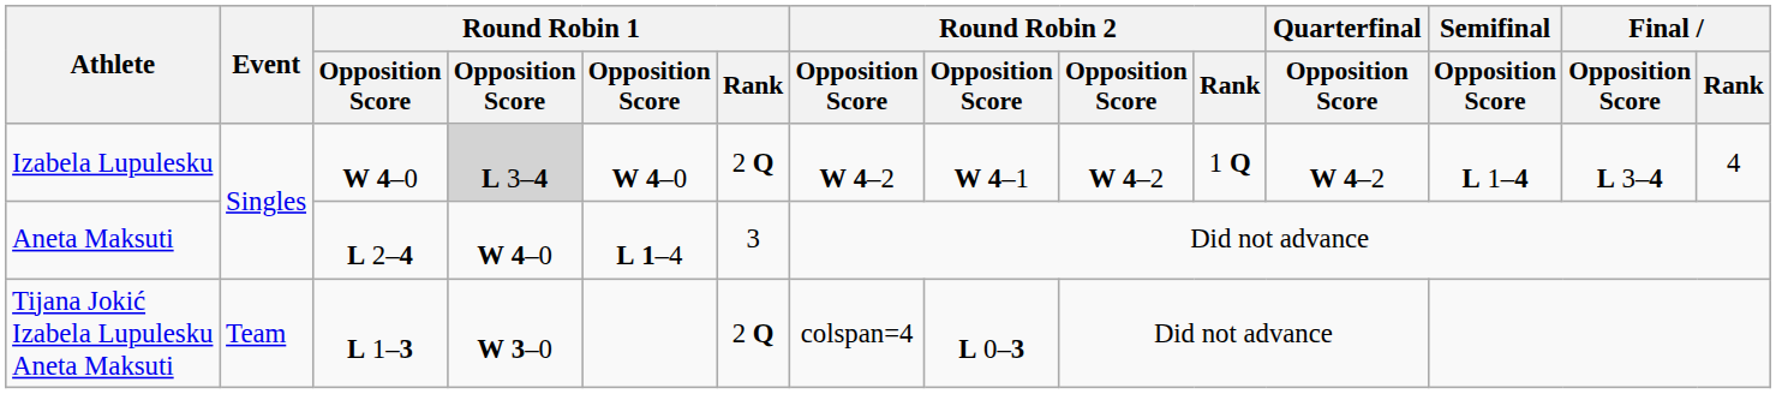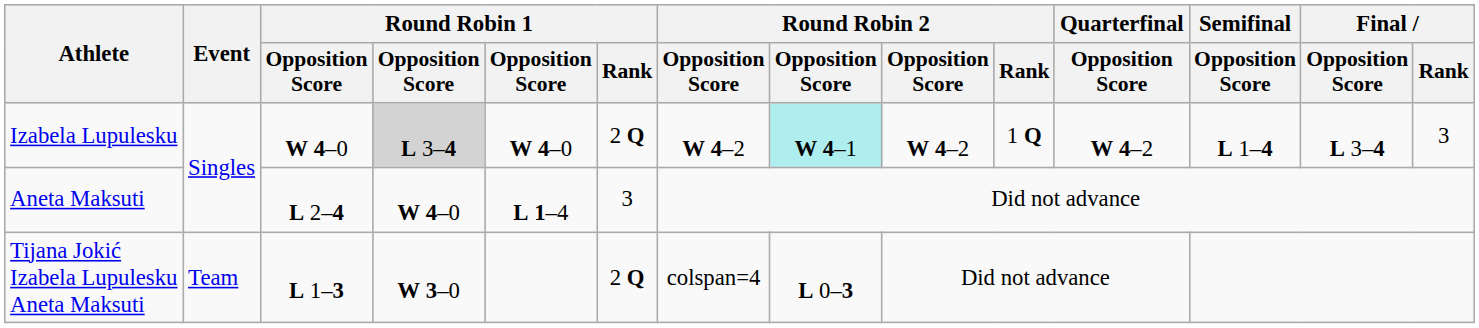 <table class=wikitable style="font-size:90%">
 <tr>
 <th rowspan=2>Athlete</th>
 <th rowspan=2>Event</th>
 <th colspan=4>Round Robin 1</th>
 <th colspan=4>Round Robin 2</th>
 <th>Quarterfinal</th>
 <th>Semifinal</th>
 <th colspan=2>Final / </th>
 </tr>
 <tr style="font-size:95%">
 <th>Opposition<br>Score</th>
 <th>Opposition<br>Score</th>
 <th>Opposition<br>Score</th>
 <th>Rank</th>
 <th>Opposition<br>Score</th>
 <th>Opposition<br>Score</th>
 <th>Opposition<br>Score</th>
 <th>Rank</th>
 <th>Opposition<br>Score</th>
 <th>Opposition<br>Score</th>
 <th>Opposition<br>Score</th>
 <th>Rank</th>
 </tr>
 <tr align=center>
 <td align=left><a href='#'>Izabela Lupulesku</a></td>
 <td align=left rowspan=2><a href='#'>Singles</a></td>
 <td><br><strong>W</strong> <strong>4</strong>–0</td>
 <td style="background: lightgrey;"><br><strong>L</strong> 3–<strong>4</strong></td>
 <td><br><strong>W</strong> <strong>4</strong>–0</td>
 <td>2 <strong>Q</strong></td>
 <td><br><strong>W</strong> <strong>4</strong>–2</td>
-<td><br><strong>W</strong> <strong>4</strong>–1</td>
+<td style="background: paleturquoise;"><br><strong>W</strong> <strong>4</strong>–1</td>
 <td><br><strong>W</strong> <strong>4</strong>–2</td>
 <td>1 <strong>Q</strong></td>
 <td><br><strong>W</strong> <strong>4</strong>–2</td>
 <td><br><strong>L</strong> 1–<strong>4</strong></td>
 <td><br><strong>L</strong> 3–<strong>4</strong></td>
-<td>4</td>
+<td>3</td>
 </tr>
 <tr align=center>
 <td align=left><a href='#'>Aneta Maksuti</a></td>
 <td><br><strong>L</strong> 2–<strong>4</strong></td>
 <td><br><strong>W</strong> <strong>4</strong>–0</td>
 <td><br><strong>L</strong> <strong>1</strong>–4</td>
 <td>3</td>
 <td colspan=8>Did not advance</td>
 </tr>
 <tr align=center>
 <td align=left><a href='#'>Tijana Jokić</a><br><a href='#'>Izabela Lupulesku</a><br><a href='#'>Aneta Maksuti</a></td>
 <td align=left><a href='#'>Team</a></td>
 <td><br><strong>L</strong> 1–<strong>3</strong></td>
 <td><br><strong>W</strong> <strong>3</strong>–0</td>
 <td></td>
 <td>2 <strong>Q</strong></td>
 <td>colspan=4 </td>
 <td><br><strong>L</strong> 0–<strong>3</strong></td>
 <td colspan=3>Did not advance</td>
 </tr>
 </table>
